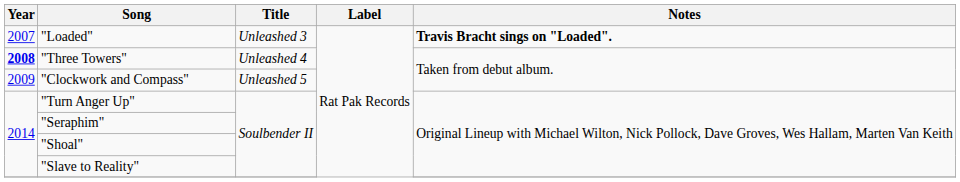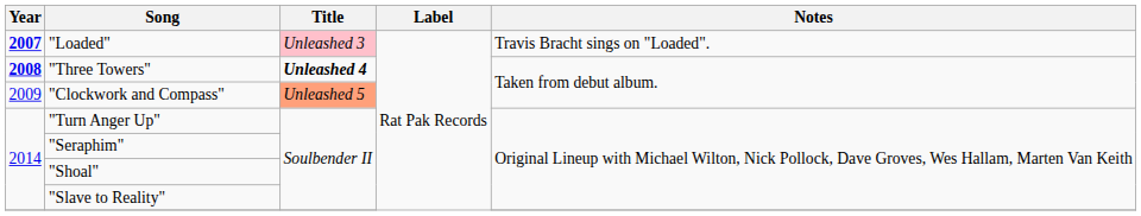 <table class="wikitable" border="1">
 <tr>
 <th>Year</th>
 <th width="225">Song</th>
 <th>Title</th>
 <th>Label</th>
 <th>Notes</th>
 </tr>
 <tr>
-<td><a href='#'>2007</a></td>
+<td><strong><a href='#'>2007</a></strong></td>
 <td>"Loaded"</td>
-<td><em>Unleashed 3</em></td>
+<td style="background: pink;"><em>Unleashed 3</em></td>
 <td rowspan="8">Rat Pak Records</td>
-<td><strong>Travis Bracht sings on "Loaded".</strong></td>
+<td>Travis Bracht sings on "Loaded".</td>
 </tr>
 <tr>
 <td><strong><a href='#'>2008</a></strong></td>
 <td>"Three Towers"</td>
-<td><em>Unleashed 4</em></td>
+<td><strong><em>Unleashed 4</em></strong></td>
 <td rowspan="2">Taken from debut album.</td>
 </tr>
 <tr>
 <td><a href='#'>2009</a></td>
 <td>"Clockwork and Compass"</td>
-<td><em>Unleashed 5</em></td>
+<td style="background: lightsalmon;"><em>Unleashed 5</em></td>
 </tr>
 <tr>
 <td rowspan=4><a href='#'>2014</a></td>
 <td>"Turn Anger Up"</td>
 <td rowspan=4><em>Soulbender II</em></td>
 <td rowspan=4>Original Lineup with Michael Wilton, Nick Pollock, Dave Groves, Wes Hallam, Marten Van Keith</td>
 </tr>
 <tr>
 <td>"Seraphim"</td>
 </tr>
 <tr>
 <td>"Shoal"</td>
 </tr>
 <tr>
 <td>"Slave to Reality"</td>
 </tr>
 <tr>
 </tr>
 </table>
